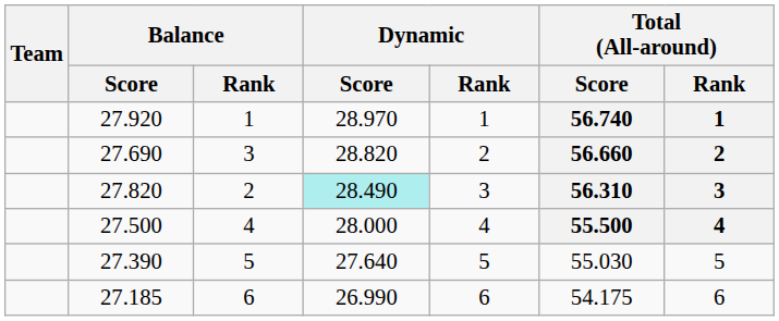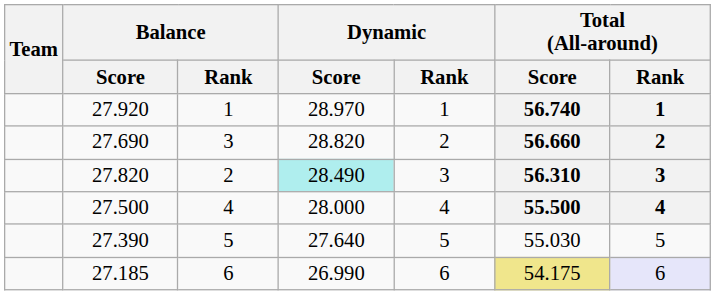 <table class="wikitable" style="text-align:center">
 <tr>
 <th rowspan=2>Team</th>
 <th style="width:10em" colspan=2>Balance</th>
 <th style="width:10em" colspan=2>Dynamic</th>
 <th style="width:10em" colspan=2>Total<br>(All-around)</th>
 </tr>
 <tr>
 <th>Score</th>
 <th>Rank</th>
 <th>Score</th>
 <th>Rank</th>
 <th>Score</th>
 <th>Rank</th>
 </tr>
 <tr>
 <td align="left"></td>
 <td>27.920</td>
 <td>1</td>
 <td>28.970</td>
 <td>1</td>
 <th>56.740</th>
 <th>1</th>
 </tr>
 <tr>
 <td align="left"></td>
 <td>27.690</td>
 <td>3</td>
 <td>28.820</td>
 <td>2</td>
 <th>56.660</th>
 <th>2</th>
 </tr>
 <tr>
 <td align="left"></td>
 <td>27.820</td>
 <td>2</td>
 <td style="background: paleturquoise;">28.490</td>
 <td>3</td>
 <th>56.310</th>
 <th>3</th>
 </tr>
 <tr>
 <td align="left"></td>
 <td>27.500</td>
 <td>4</td>
 <td>28.000</td>
 <td>4</td>
 <th>55.500</th>
 <th>4</th>
 </tr>
 <tr>
 <td align="left"></td>
 <td>27.390</td>
 <td>5</td>
 <td>27.640</td>
 <td>5</td>
 <td>55.030</td>
 <td>5</td>
 </tr>
 <tr>
 <td align="left"></td>
 <td>27.185</td>
 <td>6</td>
 <td>26.990</td>
 <td>6</td>
-<td>54.175</td>
-<td>6</td>
+<td style="background: khaki;">54.175</td>
+<td style="background: lavender;">6</td>
 </tr>
 </table>
